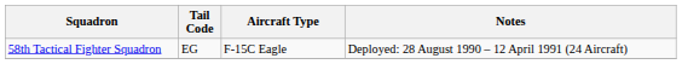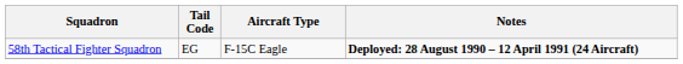 <table class="wikitable">
 <tr>
 <th scope="col" width="250">Squadron</th>
 <th scope="col" width="50">Tail Code</th>
 <th scope="col" width="175">Aircraft Type</th>
 <th scope="col" width="500">Notes</th>
 </tr>
 <tr valign="top">
 <td><a href='#'>58th Tactical Fighter Squadron</a></td>
 <td>EG</td>
 <td>F-15C Eagle</td>
-<td>Deployed: 28 August 1990 – 12 April 1991 (24 Aircraft)</td>
+<td><strong>Deployed: 28 August 1990 – 12 April 1991 (24 Aircraft)</strong></td>
 </tr>
 <tr>
 </tr>
 </table>
